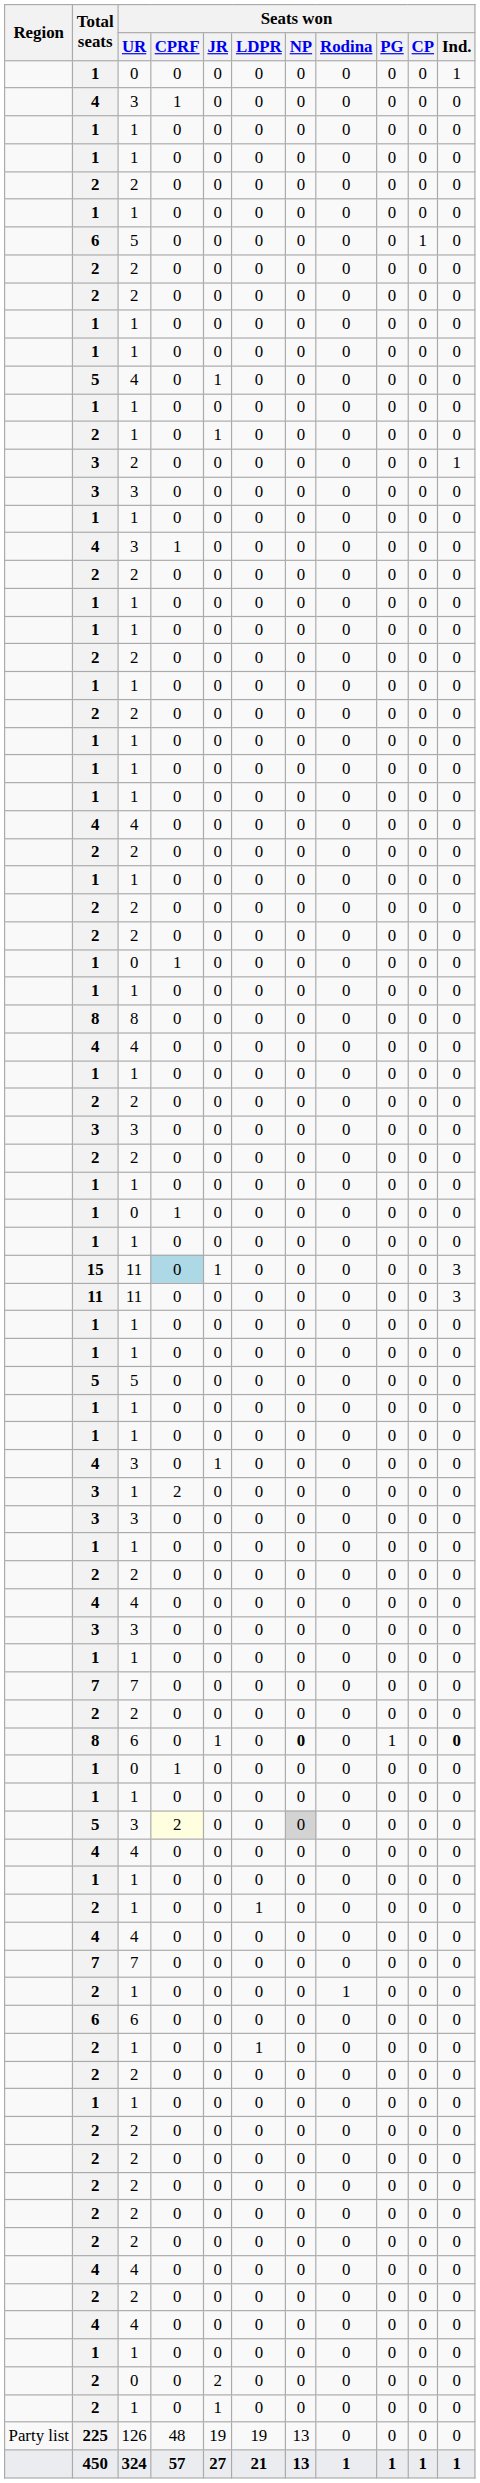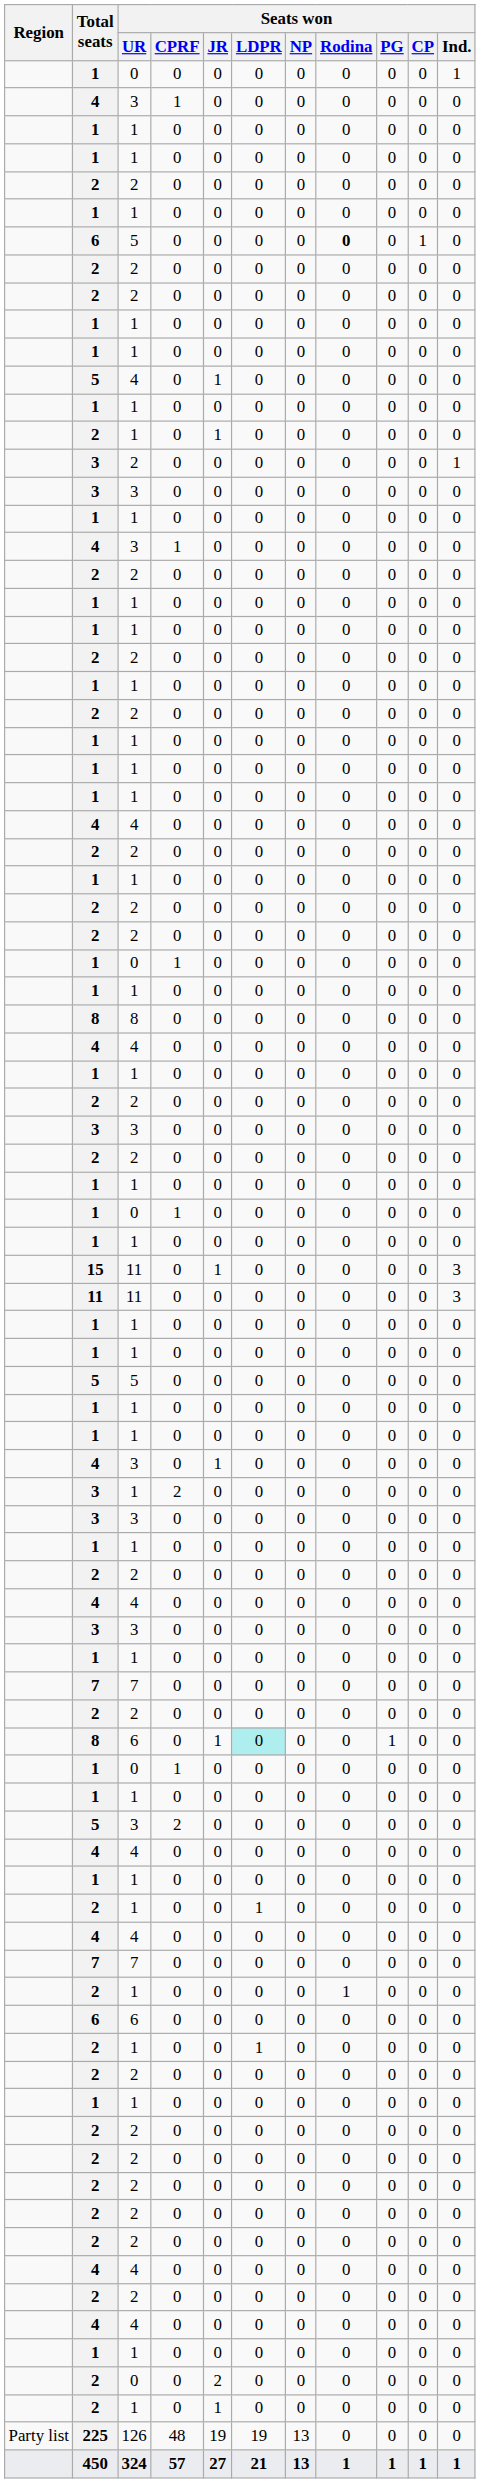 <table class="wikitable sortable" style="text-align:center; font-size: 0.9em;">
 <tr>
 <th rowspan="2">Region</th>
 <th rowspan="2">Total<br>seats</th>
 <th colspan="9">Seats won</th>
 </tr>
 <tr>
 <th><a href='#'>UR</a></th>
 <th><a href='#'>CPRF</a></th>
 <th><a href='#'>JR</a></th>
 <th><a href='#'>LDPR</a></th>
 <th><a href='#'>NP</a></th>
 <th><a href='#'>Rodina</a></th>
 <th><a href='#'>PG</a></th>
 <th><a href='#'>CP</a></th>
 <th>Ind.</th>
 </tr>
 <tr align="center">
 <td align="left"></td>
 <th>1</th>
 <td>0</td>
 <td>0</td>
 <td>0</td>
 <td>0</td>
 <td>0</td>
 <td>0</td>
 <td>0</td>
 <td>0</td>
 <td>1</td>
 </tr>
 <tr align="center">
 <td align="left"></td>
 <th>4</th>
 <td>3</td>
 <td>1</td>
 <td>0</td>
 <td>0</td>
 <td>0</td>
 <td>0</td>
 <td>0</td>
 <td>0</td>
 <td>0</td>
 </tr>
 <tr align="center">
 <td align="left"></td>
 <th>1</th>
 <td>1</td>
 <td>0</td>
 <td>0</td>
 <td>0</td>
 <td>0</td>
 <td>0</td>
 <td>0</td>
 <td>0</td>
 <td>0</td>
 </tr>
 <tr align="center">
 <td align="left"></td>
 <th>1</th>
 <td>1</td>
 <td>0</td>
 <td>0</td>
 <td>0</td>
 <td>0</td>
 <td>0</td>
 <td>0</td>
 <td>0</td>
 <td>0</td>
 </tr>
 <tr align="center">
 <td align="left"></td>
 <th>2</th>
 <td>2</td>
 <td>0</td>
 <td>0</td>
 <td>0</td>
 <td>0</td>
 <td>0</td>
 <td>0</td>
 <td>0</td>
 <td>0</td>
 </tr>
 <tr align="center">
 <td align="left"></td>
 <th>1</th>
 <td>1</td>
 <td>0</td>
 <td>0</td>
 <td>0</td>
 <td>0</td>
 <td>0</td>
 <td>0</td>
 <td>0</td>
 <td>0</td>
 </tr>
 <tr align="center">
 <td align="left"></td>
 <th>6</th>
 <td>5</td>
 <td>0</td>
 <td>0</td>
 <td>0</td>
 <td>0</td>
-<td>0</td>
+<td><strong>0</strong></td>
 <td>0</td>
 <td>1</td>
 <td>0</td>
 </tr>
 <tr align="center">
 <td align="left"></td>
 <th>2</th>
 <td>2</td>
 <td>0</td>
 <td>0</td>
 <td>0</td>
 <td>0</td>
 <td>0</td>
 <td>0</td>
 <td>0</td>
 <td>0</td>
 </tr>
 <tr align="center">
 <td align="left"></td>
 <th>2</th>
 <td>2</td>
 <td>0</td>
 <td>0</td>
 <td>0</td>
 <td>0</td>
 <td>0</td>
 <td>0</td>
 <td>0</td>
 <td>0</td>
 </tr>
 <tr align="center">
 <td align="left"></td>
 <th>1</th>
 <td>1</td>
 <td>0</td>
 <td>0</td>
 <td>0</td>
 <td>0</td>
 <td>0</td>
 <td>0</td>
 <td>0</td>
 <td>0</td>
 </tr>
 <tr align="center">
 <td align="left"></td>
 <th>1</th>
 <td>1</td>
 <td>0</td>
 <td>0</td>
 <td>0</td>
 <td>0</td>
 <td>0</td>
 <td>0</td>
 <td>0</td>
 <td>0</td>
 </tr>
 <tr align="center">
 <td align="left"></td>
 <th>5</th>
 <td>4</td>
 <td>0</td>
 <td>1</td>
 <td>0</td>
 <td>0</td>
 <td>0</td>
 <td>0</td>
 <td>0</td>
 <td>0</td>
 </tr>
 <tr align="center">
 <td align="left"></td>
 <th>1</th>
 <td>1</td>
 <td>0</td>
 <td>0</td>
 <td>0</td>
 <td>0</td>
 <td>0</td>
 <td>0</td>
 <td>0</td>
 <td>0</td>
 </tr>
 <tr align="center">
 <td align="left"></td>
 <th>2</th>
 <td>1</td>
 <td>0</td>
 <td>1</td>
 <td>0</td>
 <td>0</td>
 <td>0</td>
 <td>0</td>
 <td>0</td>
 <td>0</td>
 </tr>
 <tr align="center">
 <td align="left"></td>
 <th>3</th>
 <td>2</td>
 <td>0</td>
 <td>0</td>
 <td>0</td>
 <td>0</td>
 <td>0</td>
 <td>0</td>
 <td>0</td>
 <td>1</td>
 </tr>
 <tr align="center">
 <td align="left"></td>
 <th>3</th>
 <td>3</td>
 <td>0</td>
 <td>0</td>
 <td>0</td>
 <td>0</td>
 <td>0</td>
 <td>0</td>
 <td>0</td>
 <td>0</td>
 </tr>
 <tr align="center">
 <td align="left"></td>
 <th>1</th>
 <td>1</td>
 <td>0</td>
 <td>0</td>
 <td>0</td>
 <td>0</td>
 <td>0</td>
 <td>0</td>
 <td>0</td>
 <td>0</td>
 </tr>
 <tr align="center">
 <td align="left"></td>
 <th>4</th>
 <td>3</td>
 <td>1</td>
 <td>0</td>
 <td>0</td>
 <td>0</td>
 <td>0</td>
 <td>0</td>
 <td>0</td>
 <td>0</td>
 </tr>
 <tr align="center">
 <td align="left"></td>
 <th>2</th>
 <td>2</td>
 <td>0</td>
 <td>0</td>
 <td>0</td>
 <td>0</td>
 <td>0</td>
 <td>0</td>
 <td>0</td>
 <td>0</td>
 </tr>
 <tr align="center">
 <td align="left"></td>
 <th>1</th>
 <td>1</td>
 <td>0</td>
 <td>0</td>
 <td>0</td>
 <td>0</td>
 <td>0</td>
 <td>0</td>
 <td>0</td>
 <td>0</td>
 </tr>
 <tr align="center">
 <td align="left"></td>
 <th>1</th>
 <td>1</td>
 <td>0</td>
 <td>0</td>
 <td>0</td>
 <td>0</td>
 <td>0</td>
 <td>0</td>
 <td>0</td>
 <td>0</td>
 </tr>
 <tr align="center">
 <td align="left"></td>
 <th>2</th>
 <td>2</td>
 <td>0</td>
 <td>0</td>
 <td>0</td>
 <td>0</td>
 <td>0</td>
 <td>0</td>
 <td>0</td>
 <td>0</td>
 </tr>
 <tr align="center">
 <td align="left"></td>
 <th>1</th>
 <td>1</td>
 <td>0</td>
 <td>0</td>
 <td>0</td>
 <td>0</td>
 <td>0</td>
 <td>0</td>
 <td>0</td>
 <td>0</td>
 </tr>
 <tr align="center">
 <td align="left"></td>
 <th>2</th>
 <td>2</td>
 <td>0</td>
 <td>0</td>
 <td>0</td>
 <td>0</td>
 <td>0</td>
 <td>0</td>
 <td>0</td>
 <td>0</td>
 </tr>
 <tr align="center">
 <td align="left"></td>
 <th>1</th>
 <td>1</td>
 <td>0</td>
 <td>0</td>
 <td>0</td>
 <td>0</td>
 <td>0</td>
 <td>0</td>
 <td>0</td>
 <td>0</td>
 </tr>
 <tr align="center">
 <td align="left"></td>
 <th>1</th>
 <td>1</td>
 <td>0</td>
 <td>0</td>
 <td>0</td>
 <td>0</td>
 <td>0</td>
 <td>0</td>
 <td>0</td>
 <td>0</td>
 </tr>
 <tr align="center">
 <td align="left"></td>
 <th>1</th>
 <td>1</td>
 <td>0</td>
 <td>0</td>
 <td>0</td>
 <td>0</td>
 <td>0</td>
 <td>0</td>
 <td>0</td>
 <td>0</td>
 </tr>
 <tr align="center">
 <td align="left"></td>
 <th>4</th>
 <td>4</td>
 <td>0</td>
 <td>0</td>
 <td>0</td>
 <td>0</td>
 <td>0</td>
 <td>0</td>
 <td>0</td>
 <td>0</td>
 </tr>
 <tr align="center">
 <td align="left"></td>
 <th>2</th>
 <td>2</td>
 <td>0</td>
 <td>0</td>
 <td>0</td>
 <td>0</td>
 <td>0</td>
 <td>0</td>
 <td>0</td>
 <td>0</td>
 </tr>
 <tr align="center">
 <td align="left"></td>
 <th>1</th>
 <td>1</td>
 <td>0</td>
 <td>0</td>
 <td>0</td>
 <td>0</td>
 <td>0</td>
 <td>0</td>
 <td>0</td>
 <td>0</td>
 </tr>
 <tr align="center">
 <td align="left"></td>
 <th>2</th>
 <td>2</td>
 <td>0</td>
 <td>0</td>
 <td>0</td>
 <td>0</td>
 <td>0</td>
 <td>0</td>
 <td>0</td>
 <td>0</td>
 </tr>
 <tr align="center">
 <td align="left"></td>
 <th>2</th>
 <td>2</td>
 <td>0</td>
 <td>0</td>
 <td>0</td>
 <td>0</td>
 <td>0</td>
 <td>0</td>
 <td>0</td>
 <td>0</td>
 </tr>
 <tr align="center">
 <td align="left"></td>
 <th>1</th>
 <td>0</td>
 <td>1</td>
 <td>0</td>
 <td>0</td>
 <td>0</td>
 <td>0</td>
 <td>0</td>
 <td>0</td>
 <td>0</td>
 </tr>
 <tr align="center">
 <td align="left"></td>
 <th>1</th>
 <td>1</td>
 <td>0</td>
 <td>0</td>
 <td>0</td>
 <td>0</td>
 <td>0</td>
 <td>0</td>
 <td>0</td>
 <td>0</td>
 </tr>
 <tr align="center">
 <td align="left"></td>
 <th>8</th>
 <td>8</td>
 <td>0</td>
 <td>0</td>
 <td>0</td>
 <td>0</td>
 <td>0</td>
 <td>0</td>
 <td>0</td>
 <td>0</td>
 </tr>
 <tr align="center">
 <td align="left"></td>
 <th>4</th>
 <td>4</td>
 <td>0</td>
 <td>0</td>
 <td>0</td>
 <td>0</td>
 <td>0</td>
 <td>0</td>
 <td>0</td>
 <td>0</td>
 </tr>
 <tr align="center">
 <td align="left"></td>
 <th>1</th>
 <td>1</td>
 <td>0</td>
 <td>0</td>
 <td>0</td>
 <td>0</td>
 <td>0</td>
 <td>0</td>
 <td>0</td>
 <td>0</td>
 </tr>
 <tr align="center">
 <td align="left"></td>
 <th>2</th>
 <td>2</td>
 <td>0</td>
 <td>0</td>
 <td>0</td>
 <td>0</td>
 <td>0</td>
 <td>0</td>
 <td>0</td>
 <td>0</td>
 </tr>
 <tr align="center">
 <td align="left"></td>
 <th>3</th>
 <td>3</td>
 <td>0</td>
 <td>0</td>
 <td>0</td>
 <td>0</td>
 <td>0</td>
 <td>0</td>
 <td>0</td>
 <td>0</td>
 </tr>
 <tr align="center">
 <td align="left"></td>
 <th>2</th>
 <td>2</td>
 <td>0</td>
 <td>0</td>
 <td>0</td>
 <td>0</td>
 <td>0</td>
 <td>0</td>
 <td>0</td>
 <td>0</td>
 </tr>
 <tr align="center">
 <td align="left"></td>
 <th>1</th>
 <td>1</td>
 <td>0</td>
 <td>0</td>
 <td>0</td>
 <td>0</td>
 <td>0</td>
 <td>0</td>
 <td>0</td>
 <td>0</td>
 </tr>
 <tr align="center">
 <td align="left"></td>
 <th>1</th>
 <td>0</td>
 <td>1</td>
 <td>0</td>
 <td>0</td>
 <td>0</td>
 <td>0</td>
 <td>0</td>
 <td>0</td>
 <td>0</td>
 </tr>
 <tr align="center">
 <td align="left"></td>
 <th>1</th>
 <td>1</td>
 <td>0</td>
 <td>0</td>
 <td>0</td>
 <td>0</td>
 <td>0</td>
 <td>0</td>
 <td>0</td>
 <td>0</td>
 </tr>
 <tr align="center">
 <td align="left"></td>
 <th>15</th>
 <td>11</td>
-<td style="background: lightblue;">0</td>
+<td>0</td>
 <td>1</td>
 <td>0</td>
 <td>0</td>
 <td>0</td>
 <td>0</td>
 <td>0</td>
 <td>3</td>
 </tr>
 <tr align="center">
 <td align="left"></td>
 <th>11</th>
 <td>11</td>
 <td>0</td>
 <td>0</td>
 <td>0</td>
 <td>0</td>
 <td>0</td>
 <td>0</td>
 <td>0</td>
 <td>3</td>
 </tr>
 <tr align="center">
 <td align="left"></td>
 <th>1</th>
 <td>1</td>
 <td>0</td>
 <td>0</td>
 <td>0</td>
 <td>0</td>
 <td>0</td>
 <td>0</td>
 <td>0</td>
 <td>0</td>
 </tr>
 <tr align="center">
 <td align="left"></td>
 <th>1</th>
 <td>1</td>
 <td>0</td>
 <td>0</td>
 <td>0</td>
 <td>0</td>
 <td>0</td>
 <td>0</td>
 <td>0</td>
 <td>0</td>
 </tr>
 <tr align="center">
 <td align="left"></td>
 <th>5</th>
 <td>5</td>
 <td>0</td>
 <td>0</td>
 <td>0</td>
 <td>0</td>
 <td>0</td>
 <td>0</td>
 <td>0</td>
 <td>0</td>
 </tr>
 <tr align="center">
 <td align="left"></td>
 <th>1</th>
 <td>1</td>
 <td>0</td>
 <td>0</td>
 <td>0</td>
 <td>0</td>
 <td>0</td>
 <td>0</td>
 <td>0</td>
 <td>0</td>
 </tr>
 <tr align="center">
 <td align="left"></td>
 <th>1</th>
 <td>1</td>
 <td>0</td>
 <td>0</td>
 <td>0</td>
 <td>0</td>
 <td>0</td>
 <td>0</td>
 <td>0</td>
 <td>0</td>
 </tr>
 <tr align="center">
 <td align="left"></td>
 <th>4</th>
 <td>3</td>
 <td>0</td>
 <td>1</td>
 <td>0</td>
 <td>0</td>
 <td>0</td>
 <td>0</td>
 <td>0</td>
 <td>0</td>
 </tr>
 <tr align="center">
 <td align="left"></td>
 <th>3</th>
 <td>1</td>
 <td>2</td>
 <td>0</td>
 <td>0</td>
 <td>0</td>
 <td>0</td>
 <td>0</td>
 <td>0</td>
 <td>0</td>
 </tr>
 <tr align="center">
 <td align="left"></td>
 <th>3</th>
 <td>3</td>
 <td>0</td>
 <td>0</td>
 <td>0</td>
 <td>0</td>
 <td>0</td>
 <td>0</td>
 <td>0</td>
 <td>0</td>
 </tr>
 <tr align="center">
 <td align="left"></td>
 <th>1</th>
 <td>1</td>
 <td>0</td>
 <td>0</td>
 <td>0</td>
 <td>0</td>
 <td>0</td>
 <td>0</td>
 <td>0</td>
 <td>0</td>
 </tr>
 <tr align="center">
 <td align="left"></td>
 <th>2</th>
 <td>2</td>
 <td>0</td>
 <td>0</td>
 <td>0</td>
 <td>0</td>
 <td>0</td>
 <td>0</td>
 <td>0</td>
 <td>0</td>
 </tr>
 <tr align="center">
 <td align="left"></td>
 <th>4</th>
 <td>4</td>
 <td>0</td>
 <td>0</td>
 <td>0</td>
 <td>0</td>
 <td>0</td>
 <td>0</td>
 <td>0</td>
 <td>0</td>
 </tr>
 <tr align="center">
 <td align="left"></td>
 <th>3</th>
 <td>3</td>
 <td>0</td>
 <td>0</td>
 <td>0</td>
 <td>0</td>
 <td>0</td>
 <td>0</td>
 <td>0</td>
 <td>0</td>
 </tr>
 <tr align="center">
 <td align="left"></td>
 <th>1</th>
 <td>1</td>
 <td>0</td>
 <td>0</td>
 <td>0</td>
 <td>0</td>
 <td>0</td>
 <td>0</td>
 <td>0</td>
 <td>0</td>
 </tr>
 <tr align="center">
 <td align="left"></td>
 <th>7</th>
 <td>7</td>
 <td>0</td>
 <td>0</td>
 <td>0</td>
 <td>0</td>
 <td>0</td>
 <td>0</td>
 <td>0</td>
 <td>0</td>
 </tr>
 <tr align="center">
 <td align="left"></td>
 <th>2</th>
 <td>2</td>
 <td>0</td>
 <td>0</td>
 <td>0</td>
 <td>0</td>
 <td>0</td>
 <td>0</td>
 <td>0</td>
 <td>0</td>
 </tr>
 <tr align="center">
 <td align="left"></td>
 <th>8</th>
 <td>6</td>
 <td>0</td>
 <td>1</td>
+<td style="background: paleturquoise;">0</td>
 <td>0</td>
-<td><strong>0</strong></td>
 <td>0</td>
 <td>1</td>
 <td>0</td>
-<td><strong>0</strong></td>
+<td>0</td>
 </tr>
 <tr align="center">
 <td align="left"></td>
 <th>1</th>
 <td>0</td>
 <td>1</td>
 <td>0</td>
 <td>0</td>
 <td>0</td>
 <td>0</td>
 <td>0</td>
 <td>0</td>
 <td>0</td>
 </tr>
 <tr align="center">
 <td align="left"></td>
 <th>1</th>
 <td>1</td>
 <td>0</td>
 <td>0</td>
 <td>0</td>
 <td>0</td>
 <td>0</td>
 <td>0</td>
 <td>0</td>
 <td>0</td>
 </tr>
 <tr align="center">
 <td align="left"></td>
 <th>5</th>
 <td>3</td>
-<td style="background: lightyellow;">2</td>
+<td>2</td>
 <td>0</td>
 <td>0</td>
-<td style="background: lightgrey;">0</td>
+<td>0</td>
 <td>0</td>
 <td>0</td>
 <td>0</td>
 <td>0</td>
 </tr>
 <tr align="center">
 <td align="left"></td>
 <th>4</th>
 <td>4</td>
 <td>0</td>
 <td>0</td>
 <td>0</td>
 <td>0</td>
 <td>0</td>
 <td>0</td>
 <td>0</td>
 <td>0</td>
 </tr>
 <tr align="center">
 <td align="left"></td>
 <th>1</th>
 <td>1</td>
 <td>0</td>
 <td>0</td>
 <td>0</td>
 <td>0</td>
 <td>0</td>
 <td>0</td>
 <td>0</td>
 <td>0</td>
 </tr>
 <tr align="center">
 <td align="left"></td>
 <th>2</th>
 <td>1</td>
 <td>0</td>
 <td>0</td>
 <td>1</td>
 <td>0</td>
 <td>0</td>
 <td>0</td>
 <td>0</td>
 <td>0</td>
 </tr>
 <tr align="center">
 <td align="left"></td>
 <th>4</th>
 <td>4</td>
 <td>0</td>
 <td>0</td>
 <td>0</td>
 <td>0</td>
 <td>0</td>
 <td>0</td>
 <td>0</td>
 <td>0</td>
 </tr>
 <tr align="center">
 <td align="left"></td>
 <th>7</th>
 <td>7</td>
 <td>0</td>
 <td>0</td>
 <td>0</td>
 <td>0</td>
 <td>0</td>
 <td>0</td>
 <td>0</td>
 <td>0</td>
 </tr>
 <tr align="center">
 <td align="left"></td>
 <th>2</th>
 <td>1</td>
 <td>0</td>
 <td>0</td>
 <td>0</td>
 <td>0</td>
 <td>1</td>
 <td>0</td>
 <td>0</td>
 <td>0</td>
 </tr>
 <tr align="center">
 <td align="left"></td>
 <th>6</th>
 <td>6</td>
 <td>0</td>
 <td>0</td>
 <td>0</td>
 <td>0</td>
 <td>0</td>
 <td>0</td>
 <td>0</td>
 <td>0</td>
 </tr>
 <tr align="center">
 <td align="left"></td>
 <th>2</th>
 <td>1</td>
 <td>0</td>
 <td>0</td>
 <td>1</td>
 <td>0</td>
 <td>0</td>
 <td>0</td>
 <td>0</td>
 <td>0</td>
 </tr>
 <tr align="center">
 <td align="left"></td>
 <th>2</th>
 <td>2</td>
 <td>0</td>
 <td>0</td>
 <td>0</td>
 <td>0</td>
 <td>0</td>
 <td>0</td>
 <td>0</td>
 <td>0</td>
 </tr>
 <tr align="center">
 <td align="left"></td>
 <th>1</th>
 <td>1</td>
 <td>0</td>
 <td>0</td>
 <td>0</td>
 <td>0</td>
 <td>0</td>
 <td>0</td>
 <td>0</td>
 <td>0</td>
 </tr>
 <tr align="center">
 <td align="left"></td>
 <th>2</th>
 <td>2</td>
 <td>0</td>
 <td>0</td>
 <td>0</td>
 <td>0</td>
 <td>0</td>
 <td>0</td>
 <td>0</td>
 <td>0</td>
 </tr>
 <tr align="center">
 <td align="left"></td>
 <th>2</th>
 <td>2</td>
 <td>0</td>
 <td>0</td>
 <td>0</td>
 <td>0</td>
 <td>0</td>
 <td>0</td>
 <td>0</td>
 <td>0</td>
 </tr>
 <tr align="center">
 <td align="left"></td>
 <th>2</th>
 <td>2</td>
 <td>0</td>
 <td>0</td>
 <td>0</td>
 <td>0</td>
 <td>0</td>
 <td>0</td>
 <td>0</td>
 <td>0</td>
 </tr>
 <tr align="center">
 <td align="left"></td>
 <th>2</th>
 <td>2</td>
 <td>0</td>
 <td>0</td>
 <td>0</td>
 <td>0</td>
 <td>0</td>
 <td>0</td>
 <td>0</td>
 <td>0</td>
 </tr>
 <tr align="center">
 <td align="left"></td>
 <th>2</th>
 <td>2</td>
 <td>0</td>
 <td>0</td>
 <td>0</td>
 <td>0</td>
 <td>0</td>
 <td>0</td>
 <td>0</td>
 <td>0</td>
 </tr>
 <tr align="center">
 <td align="left"></td>
 <th>4</th>
 <td>4</td>
 <td>0</td>
 <td>0</td>
 <td>0</td>
 <td>0</td>
 <td>0</td>
 <td>0</td>
 <td>0</td>
 <td>0</td>
 </tr>
 <tr align="center">
 <td align="left"></td>
 <th>2</th>
 <td>2</td>
 <td>0</td>
 <td>0</td>
 <td>0</td>
 <td>0</td>
 <td>0</td>
 <td>0</td>
 <td>0</td>
 <td>0</td>
 </tr>
 <tr align="center">
 <td align="left"></td>
 <th>4</th>
 <td>4</td>
 <td>0</td>
 <td>0</td>
 <td>0</td>
 <td>0</td>
 <td>0</td>
 <td>0</td>
 <td>0</td>
 <td>0</td>
 </tr>
 <tr align="center">
 <td align="left"></td>
 <th>1</th>
 <td>1</td>
 <td>0</td>
 <td>0</td>
 <td>0</td>
 <td>0</td>
 <td>0</td>
 <td>0</td>
 <td>0</td>
 <td>0</td>
 </tr>
 <tr align="center">
 <td align="left"></td>
 <th>2</th>
 <td>0</td>
 <td>0</td>
 <td>2</td>
 <td>0</td>
 <td>0</td>
 <td>0</td>
 <td>0</td>
 <td>0</td>
 <td>0</td>
 </tr>
 <tr align="center">
 <td align="left"></td>
 <th>2</th>
 <td>1</td>
 <td>0</td>
 <td>1</td>
 <td>0</td>
 <td>0</td>
 <td>0</td>
 <td>0</td>
 <td>0</td>
 <td>0</td>
 </tr>
 <tr>
 <td align="left">Party list</td>
 <th>225</th>
 <td>126</td>
 <td>48</td>
 <td>19</td>
 <td>19</td>
 <td>13</td>
 <td>0</td>
 <td>0</td>
 <td>0</td>
 <td>0</td>
 </tr>
 <tr align="center" bgcolor="#EBECF0" class="sortbottom">
 <td align="left" bgcolor="#EBECF0"><strong></strong></td>
 <td><strong>450</strong></td>
 <td><strong>324</strong></td>
 <td><strong>57</strong></td>
 <td><strong>27</strong></td>
 <td><strong>21</strong></td>
 <td><strong>13</strong></td>
 <td><strong>1</strong></td>
 <td><strong>1</strong></td>
 <td><strong>1</strong></td>
 <td><strong>1</strong></td>
 </tr>
 </table>
